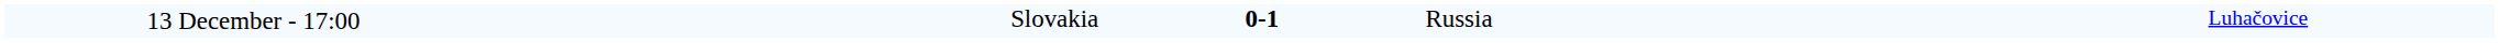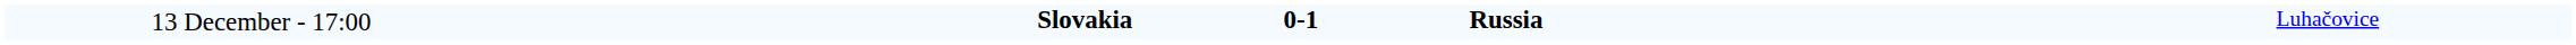 <table style="width: 100%; background:#F5FAFF;" cellspacing="0">
 <tr>
 <td align=center rowspan=3 width=20%>13 December - 17:00</td>
 </tr>
 <tr>
-<td width=24% align=right>Slovakia </td>
+<td width=24% align=right><strong>Slovakia </strong></td>
 <td align=center width=13%><strong>0-1</strong></td>
-<td width=24%> Russia</td>
+<td width=24%><strong> Russia</strong></td>
 <td style=font-size:85% rowspan=3 valign=top align=center><a href='#'>Luhačovice</a></td>
 </tr>
 <tr style=font-size:85%>
 <td align=right valign=top></td>
 <td></td>
 <td></td>
 </tr>
 </table>
